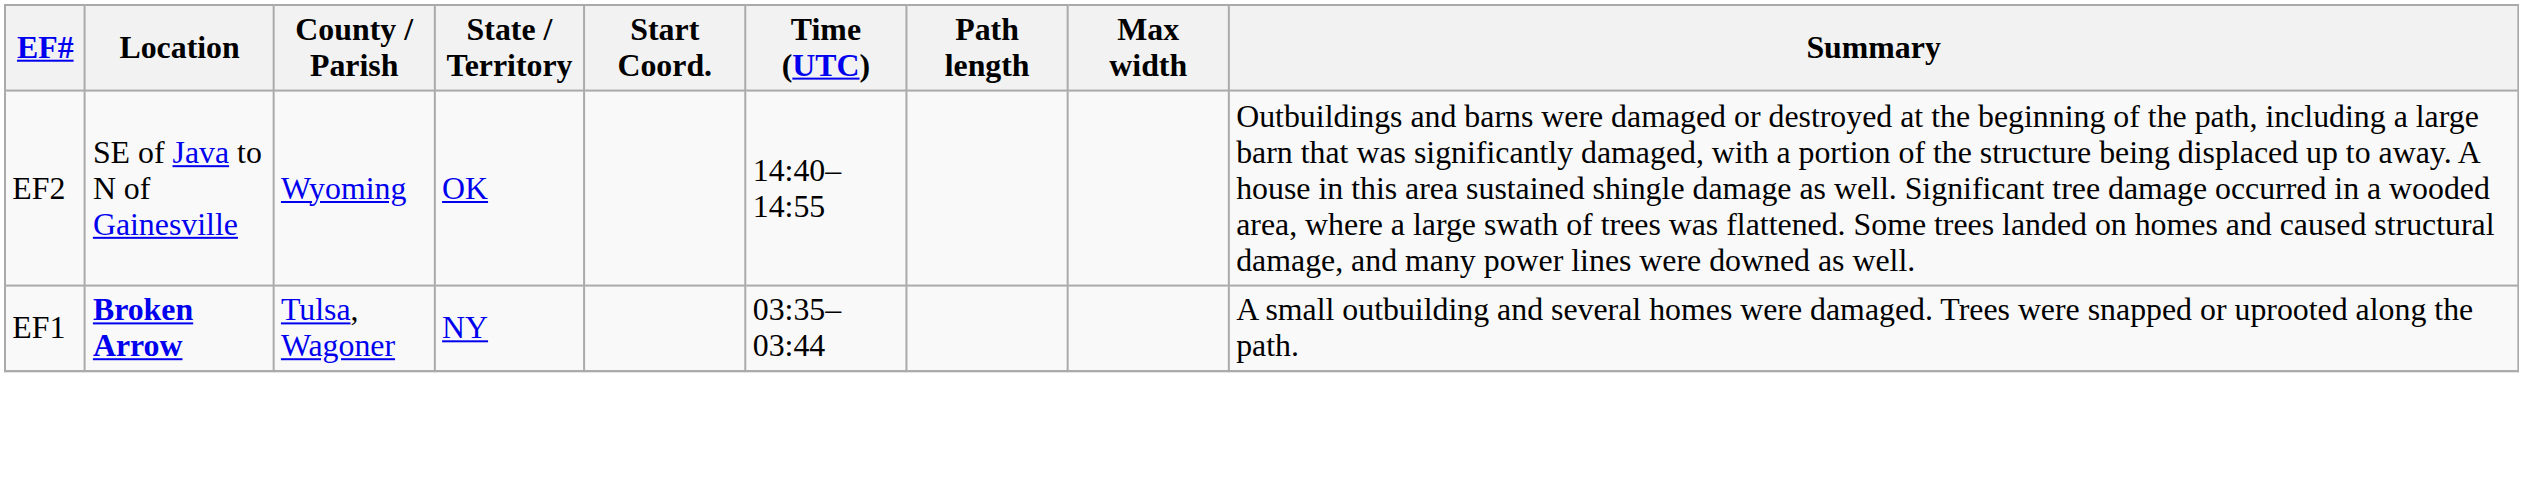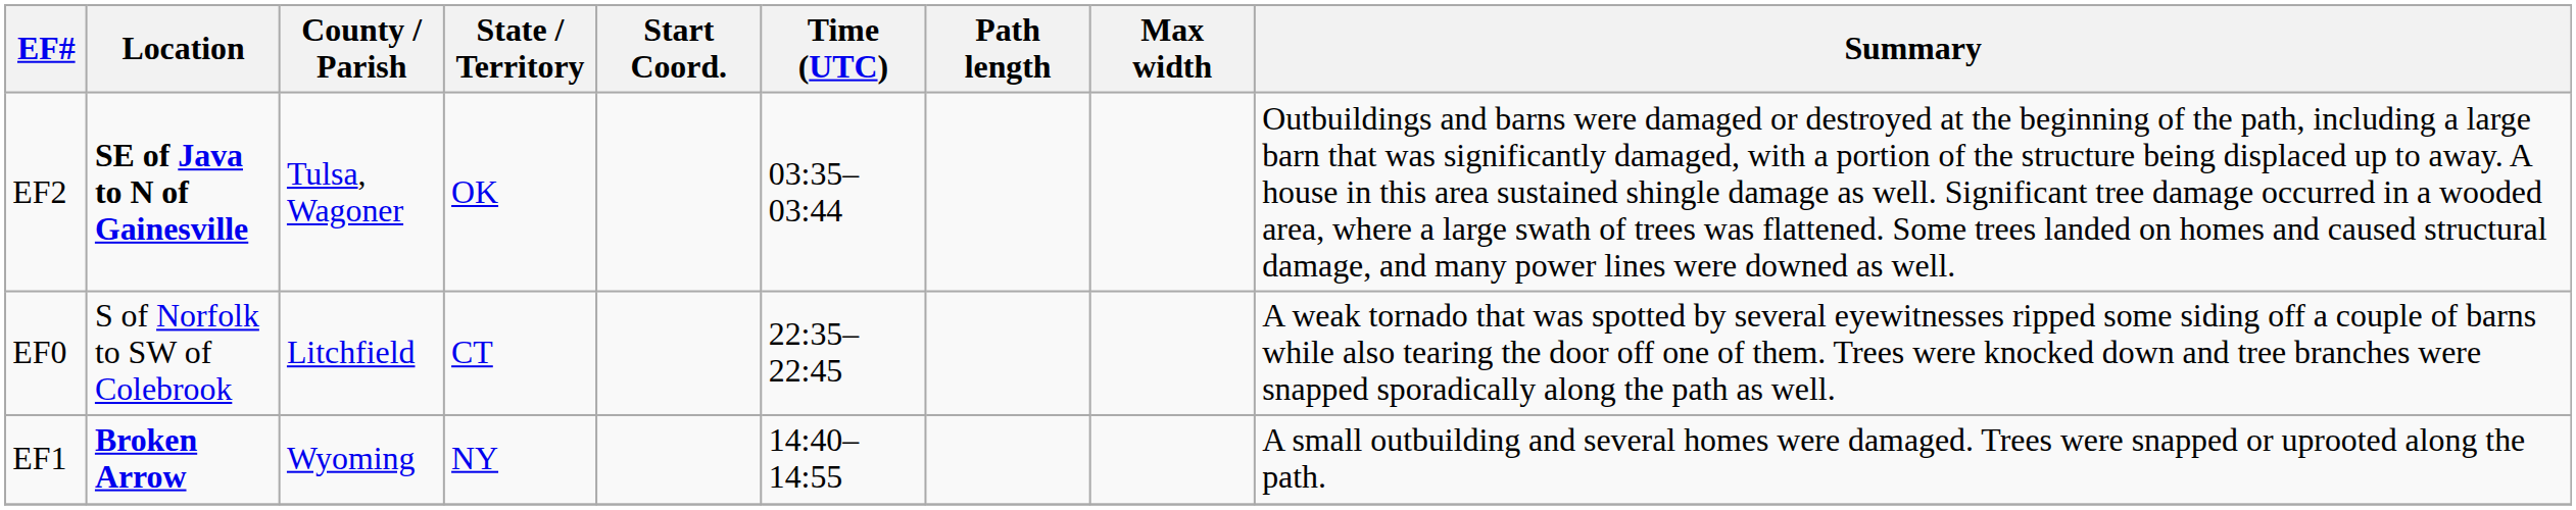 <table class="wikitable sortable" style="width:100%;">
 <tr>
 <th scope="col"  style="width:3%; text-align:center;"><a href='#'>EF#</a></th>
 <th scope="col"  style="width:7%; text-align:center;" class="unsortable">Location</th>
 <th scope="col"  style="width:6%; text-align:center;" class="unsortable">County / Parish</th>
 <th scope="col"  style="width:5%; text-align:center;">State / Territory</th>
 <th scope="col"  style="width:6%; text-align:center;">Start Coord.</th>
 <th scope="col"  style="width:6%; text-align:center;">Time (<a href='#'>UTC</a>)</th>
 <th scope="col"  style="width:6%; text-align:center;">Path length</th>
 <th scope="col"  style="width:6%; text-align:center;">Max width</th>
 <th scope="col" class="unsortable" style="width:48%; text-align:center;">Summary</th>
 </tr>
 <tr>
 <td>EF2</td>
-<td>SE of <a href='#'>Java</a> to N of <a href='#'>Gainesville</a></td>
-<td><a href='#'>Wyoming</a></td>
+<td><strong>SE of <a href='#'>Java</a> to N of <a href='#'>Gainesville</a></strong></td>
+<td><a href='#'>Tulsa</a>, <a href='#'>Wagoner</a></td>
 <td><a href='#'>OK</a></td>
 <td></td>
-<td>14:40–14:55</td>
+<td>03:35–03:44</td>
 <td></td>
 <td></td>
 <td>Outbuildings and barns were damaged or destroyed at the beginning of the path, including a large barn that was significantly damaged, with a portion of the structure being displaced up to  away. A house in this area sustained shingle damage as well. Significant tree damage occurred in a wooded area, where a large swath of trees was flattened. Some trees landed on homes and caused structural damage, and many power lines were downed as well.</td>
 </tr>
 <tr>
+<td>EF0</td>
+<td>S of <a href='#'>Norfolk</a> to SW of <a href='#'>Colebrook</a></td>
+<td><a href='#'>Litchfield</a></td>
+<td><a href='#'>CT</a></td>
+<td></td>
+<td>22:35–22:45</td>
+<td></td>
+<td></td>
+<td>A weak tornado that was spotted by several eyewitnesses ripped some siding off a couple of barns while also tearing the door off one of them. Trees were knocked down and tree branches were snapped sporadically along the path as well.</td>
+</tr>
+<tr>
 <td>EF1</td>
 <td><strong><a href='#'>Broken Arrow</a></strong></td>
-<td><a href='#'>Tulsa</a>, <a href='#'>Wagoner</a></td>
+<td><a href='#'>Wyoming</a></td>
 <td><a href='#'>NY</a></td>
 <td></td>
-<td>03:35–03:44</td>
+<td>14:40–14:55</td>
 <td></td>
 <td></td>
 <td>A small outbuilding and several homes were damaged. Trees were snapped or uprooted along the path.</td>
 </tr>
 <tr>
 </tr>
 </table>
